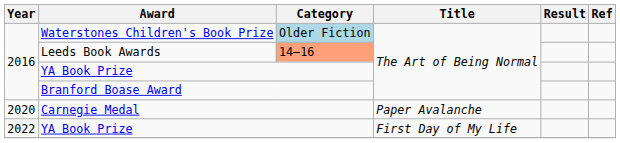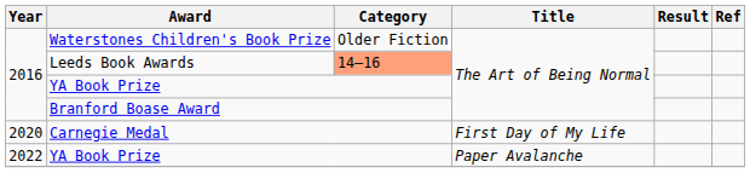 <table class="wikitable sortable">
 <tr>
 <th>Year</th>
 <th>Award</th>
 <th>Category</th>
 <th>Title</th>
 <th>Result</th>
 <th>Ref</th>
 </tr>
 <tr>
 <td rowspan="4">2016</td>
 <td><a href='#'>Waterstones Children's Book Prize</a></td>
-<td style="background: lightblue;">Older Fiction</td>
+<td>Older Fiction</td>
 <td rowspan="4"><em>The Art of Being Normal</em></td>
 <td></td>
 <td></td>
 </tr>
 <tr>
 <td>Leeds Book Awards</td>
 <td style="background: lightsalmon;">14–16</td>
 <td></td>
 <td></td>
 </tr>
 <tr>
 <td colspan="2"><a href='#'>YA Book Prize</a></td>
 <td></td>
 <td></td>
 </tr>
 <tr>
 <td colspan="2"><a href='#'>Branford Boase Award</a></td>
 <td></td>
 <td></td>
 </tr>
 <tr>
 <td>2020</td>
 <td colspan="2"><a href='#'>Carnegie Medal</a></td>
-<td><em>Paper Avalanche</em></td>
+<td><em>First Day of My Life</em></td>
 <td></td>
 <td></td>
 </tr>
 <tr>
 <td>2022</td>
 <td colspan="2"><a href='#'>YA Book Prize</a></td>
-<td><em>First Day of My Life</em></td>
+<td><em>Paper Avalanche</em></td>
 <td></td>
 <td></td>
 </tr>
 <tr>
 </tr>
 </table>
